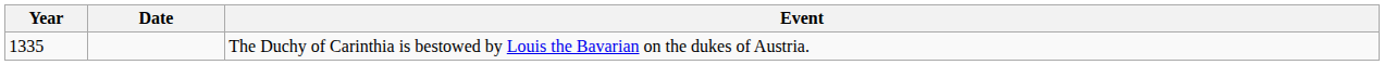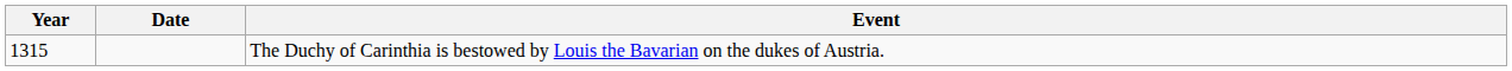 <table class="wikitable" width="100%">
 <tr>
 <th style="width:6%">Year</th>
 <th style="width:10%">Date</th>
 <th>Event</th>
 </tr>
 <tr>
-<td>1335</td>
+<td>1315</td>
 <td></td>
 <td>The Duchy of Carinthia is bestowed by <a href='#'>Louis the Bavarian</a> on the dukes of Austria.</td>
 </tr>
 </table>
